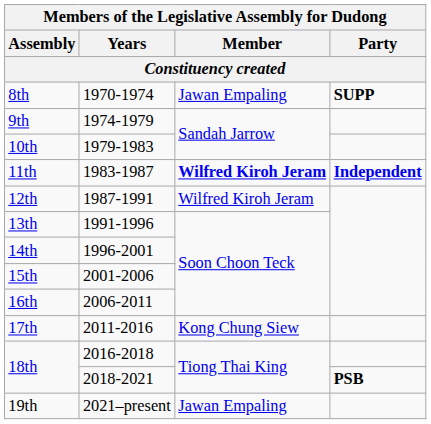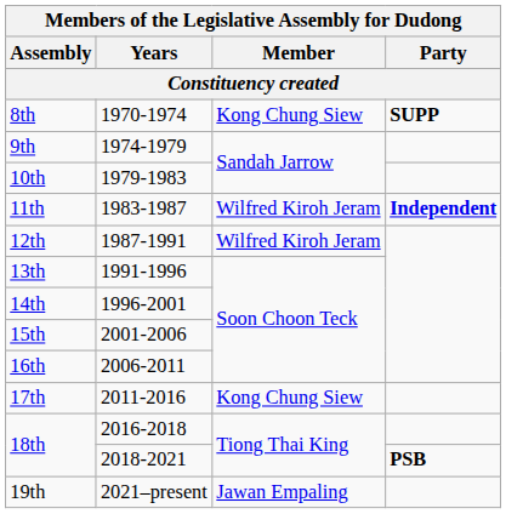 <table class=wikitable>
 <tr>
 <th colspan="4">Members of the Legislative Assembly for Dudong</th>
 </tr>
 <tr>
 <th>Assembly</th>
 <th>Years</th>
 <th>Member</th>
 <th>Party</th>
 </tr>
 <tr>
 <th colspan=4 align=center><em>Constituency created</em></th>
 </tr>
 <tr>
 <td><a href='#'>8th</a></td>
 <td>1970-1974</td>
-<td><a href='#'>Jawan Empaling</a></td>
+<td><a href='#'>Kong Chung Siew</a></td>
 <td><strong>SUPP</strong></td>
 </tr>
 <tr>
 <td><a href='#'>9th</a></td>
 <td>1974-1979</td>
 <td rowspan=2><a href='#'>Sandah Jarrow</a></td>
 <td></td>
 </tr>
 <tr>
 <td><a href='#'>10th</a></td>
 <td>1979-1983</td>
 <td></td>
 </tr>
 <tr>
 <td><a href='#'>11th</a></td>
 <td>1983-1987</td>
-<td><strong><a href='#'>Wilfred Kiroh Jeram</a></strong></td>
+<td><a href='#'>Wilfred Kiroh Jeram</a></td>
 <td><strong><a href='#'>Independent</a></strong></td>
 </tr>
 <tr>
 <td><a href='#'>12th</a></td>
 <td>1987-1991</td>
 <td><a href='#'>Wilfred Kiroh Jeram</a></td>
 <td rowspan=5></td>
 </tr>
 <tr>
 <td><a href='#'>13th</a></td>
 <td>1991-1996</td>
 <td rowspan=4><a href='#'>Soon Choon Teck</a></td>
 </tr>
 <tr>
 <td><a href='#'>14th</a></td>
 <td>1996-2001</td>
 </tr>
 <tr>
 <td><a href='#'>15th</a></td>
 <td>2001-2006</td>
 </tr>
 <tr>
 <td><a href='#'>16th</a></td>
 <td>2006-2011</td>
 </tr>
 <tr>
 <td><a href='#'>17th</a></td>
 <td>2011-2016</td>
 <td><a href='#'>Kong Chung Siew</a></td>
 <td></td>
 </tr>
 <tr>
 <td rowspan="2"><a href='#'>18th</a></td>
 <td>2016-2018</td>
 <td rowspan="2"><a href='#'>Tiong Thai King</a></td>
 <td></td>
 </tr>
 <tr>
 <td>2018-2021</td>
 <td><strong>PSB</strong></td>
 </tr>
 <tr>
 <td>19th</td>
 <td>2021–present</td>
 <td><a href='#'>Jawan Empaling</a></td>
 <td></td>
 </tr>
 </table>
